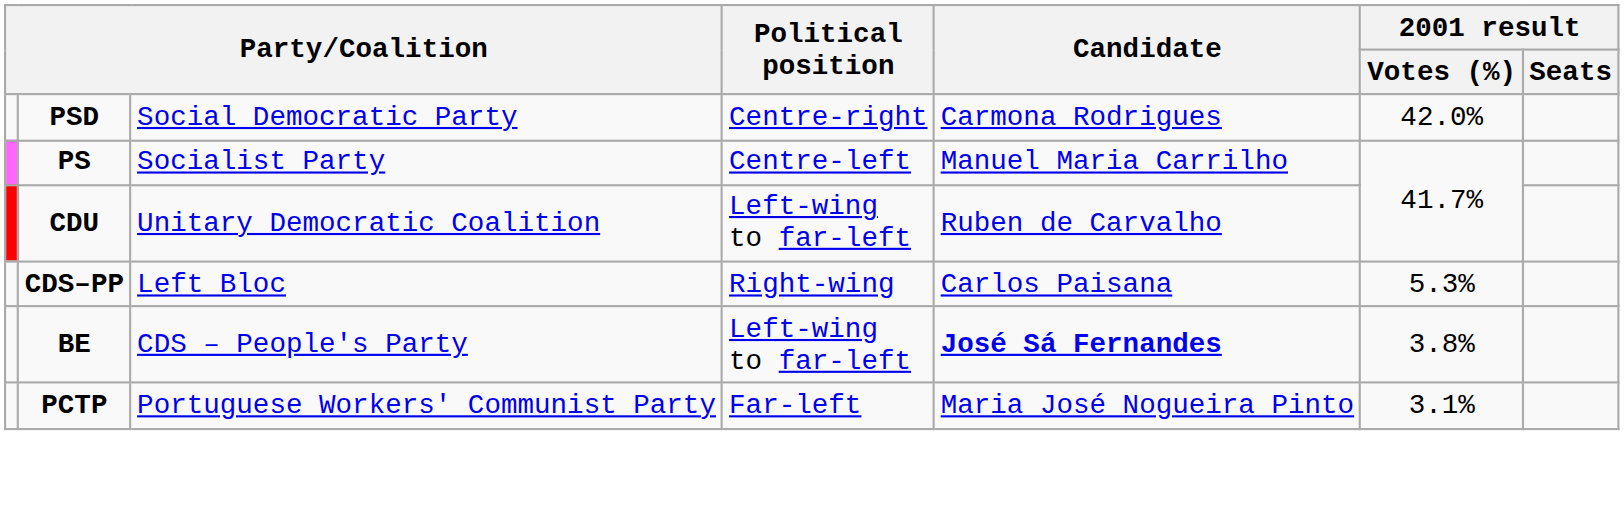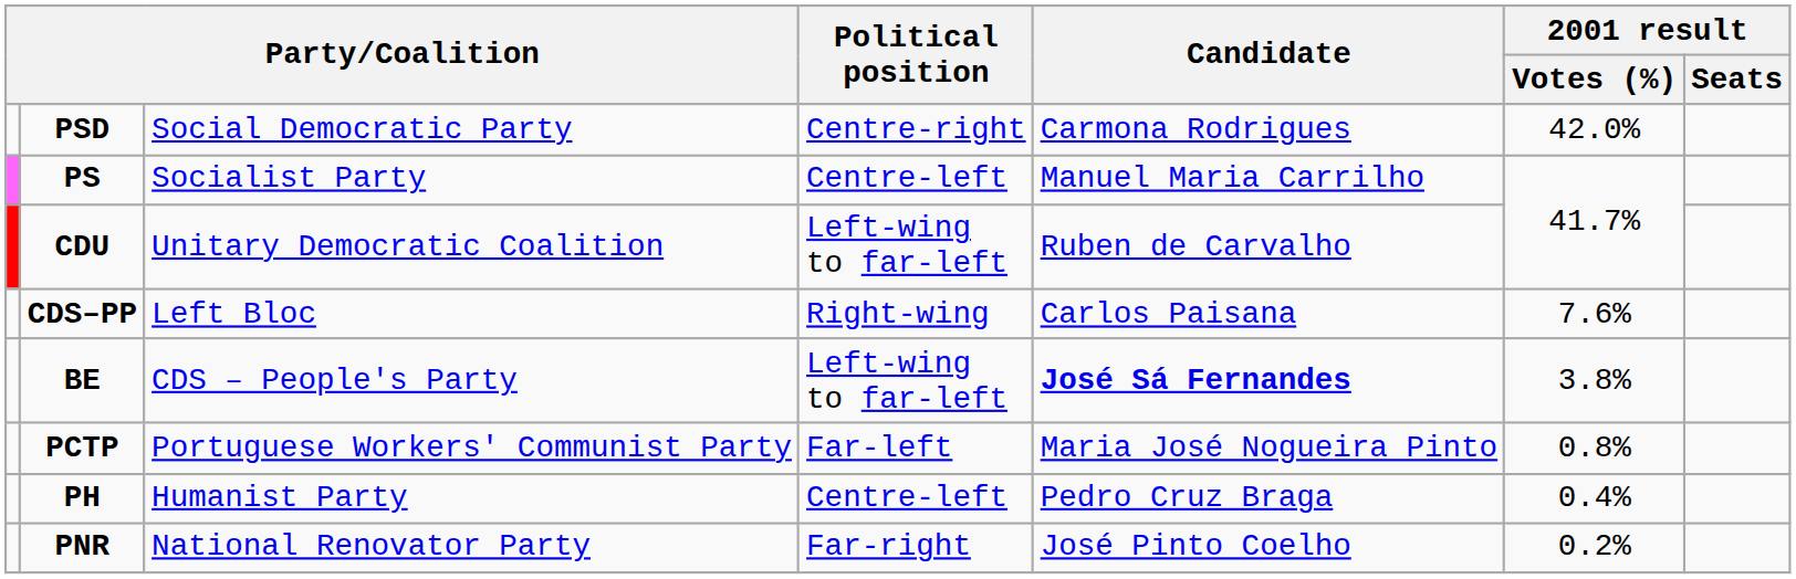 <table class="wikitable">
 <tr>
 <th colspan="3" rowspan="2">Party/Coalition</th>
 <th rowspan="2">Political<br>position</th>
 <th rowspan="2">Candidate</th>
 <th colspan="2">2001 result</th>
 </tr>
 <tr>
 <th>Votes (%)</th>
 <th>Seats</th>
 </tr>
 <tr>
 <td style="background:"></td>
 <td style="text-align:center;"><strong>PSD</strong></td>
 <td><a href='#'>Social Democratic Party</a><br></td>
 <td><a href='#'>Centre-right</a></td>
 <td><a href='#'>Carmona Rodrigues</a></td>
 <td style="text-align:center;">42.0%</td>
 <td></td>
 </tr>
 <tr>
 <td style="background:#FF66FF;"></td>
 <td style="text-align:center;"><strong>PS</strong></td>
 <td><a href='#'>Socialist Party</a><br></td>
 <td><a href='#'>Centre-left</a></td>
 <td><a href='#'>Manuel Maria Carrilho</a></td>
 <td rowspan="2" style="text-align:center;">41.7%</td>
 <td></td>
 </tr>
 <tr>
 <td style="background:#f00;"></td>
 <td style="text-align:center;"><strong>CDU</strong></td>
 <td><a href='#'>Unitary Democratic Coalition</a><br> </td>
 <td><a href='#'>Left-wing</a><br>to <a href='#'>far-left</a></td>
 <td><a href='#'>Ruben de Carvalho</a></td>
 <td></td>
 </tr>
 <tr>
 <td style="background:"></td>
 <td style="text-align:center;"><strong>CDS–PP</strong></td>
 <td><a href='#'>Left Bloc</a><br></td>
 <td><a href='#'>Right-wing</a></td>
 <td><a href='#'>Carlos Paisana</a></td>
-<td style="text-align:center;">5.3%</td>
+<td style="text-align:center;">7.6%</td>
 <td></td>
 </tr>
 <tr>
 <td style="background:"></td>
 <td style="text-align:center;"><strong>BE</strong></td>
 <td><a href='#'>CDS – People's Party</a><br></td>
 <td><a href='#'>Left-wing</a><br>to <a href='#'>far-left</a></td>
 <td><strong><a href='#'>José Sá Fernandes</a></strong></td>
 <td style="text-align:center;">3.8%</td>
 <td></td>
 </tr>
 <tr>
 <td style="background:"></td>
 <td style="text-align:center;"><strong>PCTP</strong></td>
 <td><a href='#'>Portuguese Workers' Communist Party</a><br></td>
 <td><a href='#'>Far-left</a></td>
 <td><a href='#'>Maria José Nogueira Pinto</a></td>
-<td style="text-align:center;">3.1%</td>
+<td style="text-align:center;">0.8%</td>
+<td></td>
+</tr>
+<tr>
+<td style="background:"></td>
+<td style="text-align:center;"><strong>PH</strong></td>
+<td><a href='#'>Humanist Party</a><br></td>
+<td><a href='#'>Centre-left</a></td>
+<td><a href='#'>Pedro Cruz Braga</a></td>
+<td style="text-align:center;">0.4%</td>
+<td></td>
+</tr>
+<tr>
+<td style="background:"></td>
+<td style="text-align:center;"><strong>PNR</strong></td>
+<td><a href='#'>National Renovator Party</a><br></td>
+<td><a href='#'>Far-right</a></td>
+<td><a href='#'>José Pinto Coelho</a></td>
+<td style="text-align:center;">0.2%</td>
 <td></td>
 </tr>
 </table>
